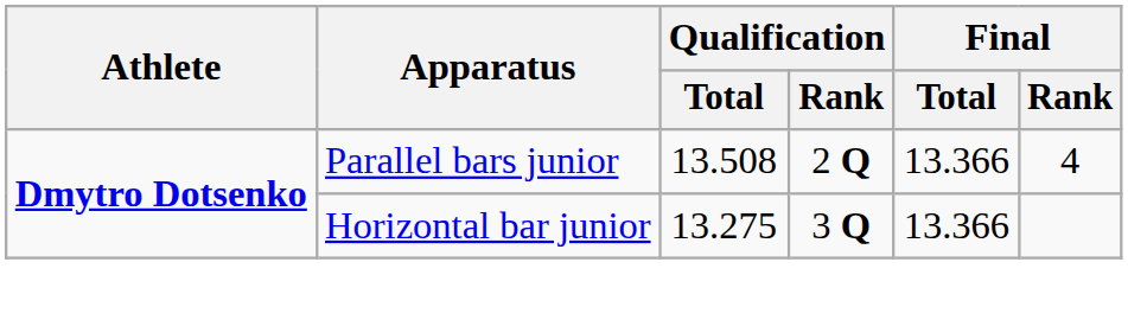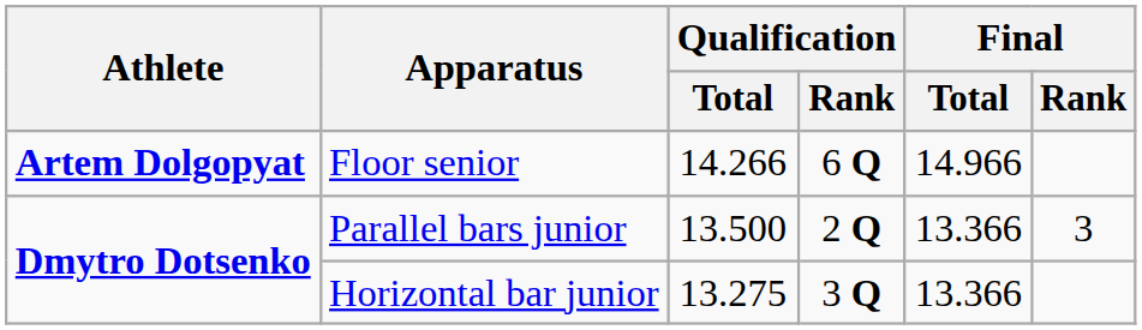 <table class="wikitable" style="font-size:90%; text-align:center;">
 <tr>
 <th rowspan=2>Athlete</th>
 <th rowspan=2>Apparatus</th>
 <th colspan=2>Qualification</th>
 <th colspan=2>Final</th>
 </tr>
 <tr style="font-size:95%">
 <th>Total</th>
 <th>Rank</th>
 <th>Total</th>
 <th>Rank</th>
 </tr>
 <tr>
+<td align=left><strong><a href='#'>Artem Dolgopyat</a></strong></td>
+<td align=left><a href='#'>Floor senior</a></td>
+<td>14.266</td>
+<td>6 <strong>Q</strong></td>
+<td>14.966</td>
+<td></td>
+</tr>
+<tr>
 <td align=left rowspan="2"><strong><a href='#'>Dmytro Dotsenko</a></strong></td>
 <td align=left><a href='#'>Parallel bars junior</a></td>
-<td>13.508</td>
+<td>13.500</td>
 <td>2 <strong>Q</strong></td>
 <td>13.366</td>
-<td>4</td>
+<td>3</td>
 </tr>
 <tr>
 <td align=left><a href='#'>Horizontal bar junior</a></td>
 <td>13.275</td>
 <td>3 <strong>Q</strong></td>
 <td>13.366</td>
 <td></td>
 </tr>
 </table>
